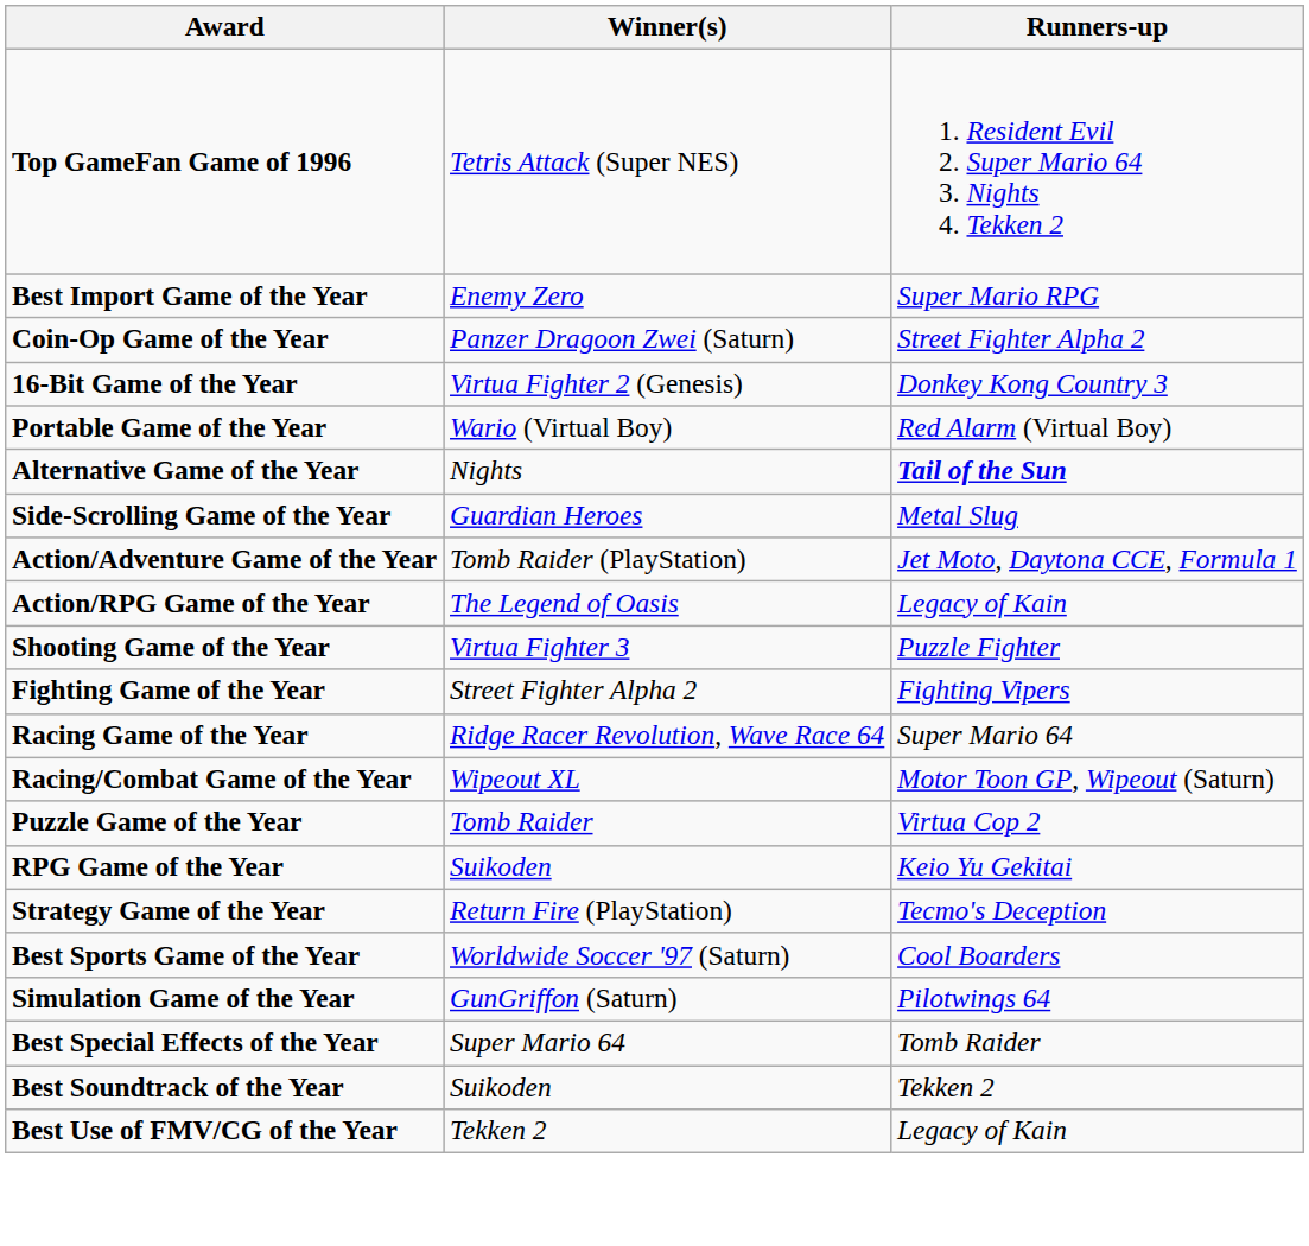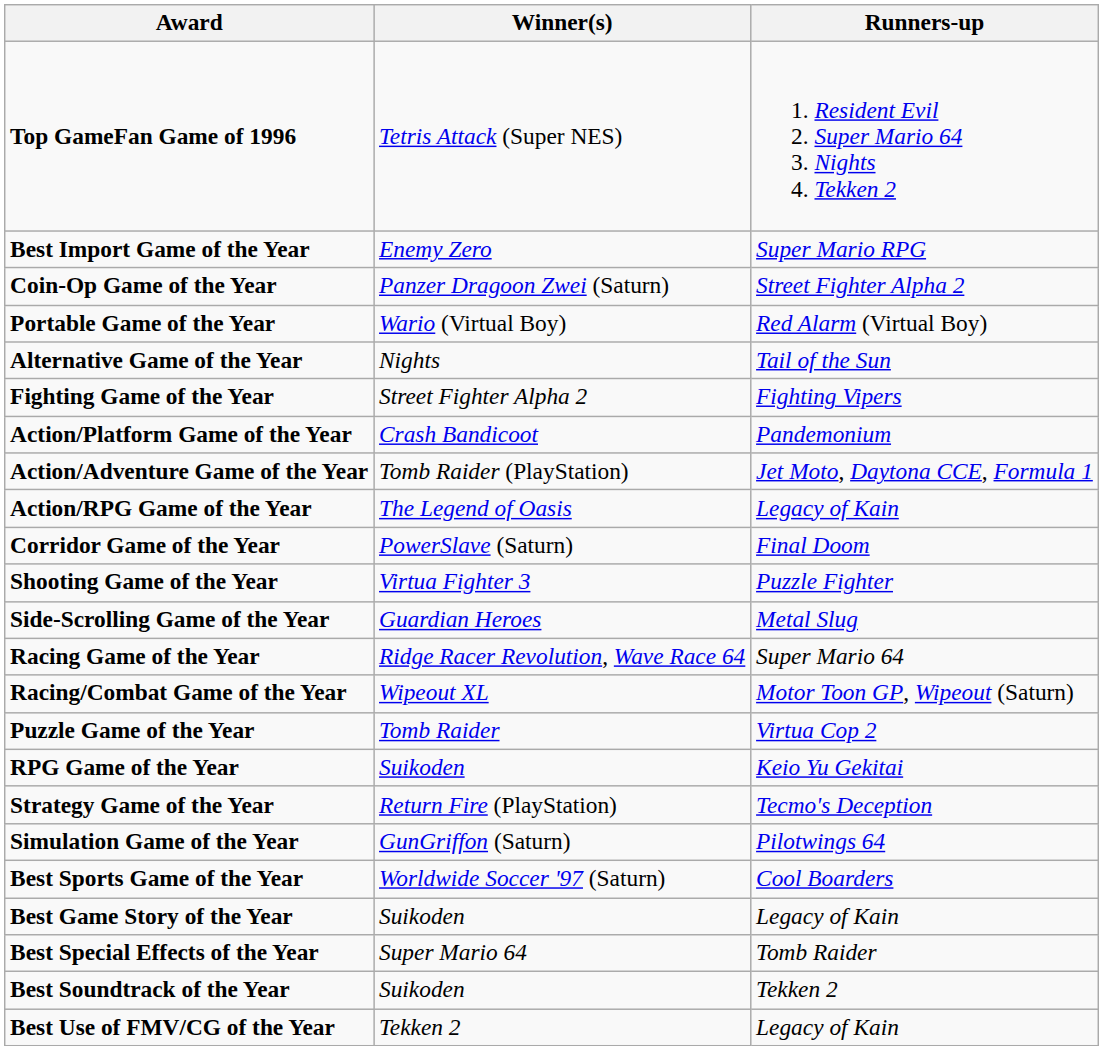 <table class="wikitable collapsible collapsed">
 <tr>
 <th>Award</th>
 <th>Winner(s)</th>
 <th>Runners-up</th>
 </tr>
 <tr>
 <td><strong>Top GameFan Game of 1996</strong></td>
 <td><em><a href='#'>Tetris Attack</a></em> (Super NES)</td>
 <td><br><ol><li><em><a href='#'>Resident Evil</a></em></li><li><em><a href='#'>Super Mario 64</a></em></li><li><em><a href='#'>Nights</a></em></li><li><em><a href='#'>Tekken 2</a></em></li></ol></td>
 </tr>
 <tr>
 <td><strong>Best Import Game of the Year</strong></td>
 <td><em><a href='#'>Enemy Zero</a></em></td>
 <td><em><a href='#'>Super Mario RPG</a></em></td>
 </tr>
 <tr>
 <td><strong>Coin-Op Game of the Year</strong></td>
 <td><em><a href='#'>Panzer Dragoon Zwei</a></em> (Saturn)</td>
 <td><em><a href='#'>Street Fighter Alpha 2</a></em></td>
 </tr>
 <tr>
-<td><strong>16-Bit Game of the Year</strong></td>
-<td><em><a href='#'>Virtua Fighter 2</a></em> (Genesis)</td>
-<td><em><a href='#'>Donkey Kong Country 3</a></em></td>
-</tr>
-<tr>
 <td><strong>Portable Game of the Year</strong></td>
 <td><em><a href='#'>Wario</a></em> (Virtual Boy)</td>
 <td><em><a href='#'>Red Alarm</a></em> (Virtual Boy)</td>
 </tr>
 <tr>
 <td><strong>Alternative Game of the Year</strong></td>
 <td><em>Nights</em></td>
-<td><strong><em><a href='#'>Tail of the Sun</a></em></strong></td>
+<td><em><a href='#'>Tail of the Sun</a></em></td>
 </tr>
 <tr>
-<td><strong>Side-Scrolling Game of the Year</strong></td>
-<td><em><a href='#'>Guardian Heroes</a></em></td>
-<td><em><a href='#'>Metal Slug</a></em></td>
+<td><strong>Fighting Game of the Year</strong></td>
+<td><em>Street Fighter Alpha 2</em></td>
+<td><em><a href='#'>Fighting Vipers</a></em></td>
+</tr>
+<tr>
+<td><strong>Action/Platform Game of the Year</strong></td>
+<td><em><a href='#'>Crash Bandicoot</a></em></td>
+<td><em><a href='#'>Pandemonium</a></em></td>
 </tr>
 <tr>
 <td><strong>Action/Adventure Game of the Year</strong></td>
 <td><em>Tomb Raider</em> (PlayStation)</td>
 <td><em><a href='#'>Jet Moto</a></em>, <em><a href='#'>Daytona CCE</a></em>, <em><a href='#'>Formula 1</a></em></td>
 </tr>
 <tr>
 <td><strong>Action/RPG Game of the Year</strong></td>
 <td><em><a href='#'>The Legend of Oasis</a></em></td>
 <td><em><a href='#'>Legacy of Kain</a></em></td>
 </tr>
 <tr>
+<td><strong>Corridor Game of the Year</strong></td>
+<td><em><a href='#'>PowerSlave</a></em> (Saturn)</td>
+<td><em><a href='#'>Final Doom</a></em></td>
+</tr>
+<tr>
 <td><strong>Shooting Game of the Year</strong></td>
 <td><em><a href='#'>Virtua Fighter 3</a></em></td>
 <td><em><a href='#'>Puzzle Fighter</a></em></td>
 </tr>
 <tr>
-<td><strong>Fighting Game of the Year</strong></td>
-<td><em>Street Fighter Alpha 2</em></td>
-<td><em><a href='#'>Fighting Vipers</a></em></td>
+<td><strong>Side-Scrolling Game of the Year</strong></td>
+<td><em><a href='#'>Guardian Heroes</a></em></td>
+<td><em><a href='#'>Metal Slug</a></em></td>
 </tr>
 <tr>
 <td><strong>Racing Game of the Year</strong></td>
 <td><em><a href='#'>Ridge Racer Revolution</a></em>,  <em><a href='#'>Wave Race 64</a></em></td>
 <td><em>Super Mario 64</em></td>
 </tr>
 <tr>
 <td><strong>Racing/Combat Game of the Year</strong></td>
 <td><em><a href='#'>Wipeout XL</a></em></td>
 <td><em><a href='#'>Motor Toon GP</a></em>, <em><a href='#'>Wipeout</a></em> (Saturn)</td>
 </tr>
 <tr>
 <td><strong>Puzzle Game of the Year</strong></td>
 <td><em><a href='#'>Tomb Raider</a></em></td>
 <td><em><a href='#'>Virtua Cop 2</a></em></td>
 </tr>
 <tr>
 <td><strong>RPG Game of the Year</strong></td>
 <td><em><a href='#'>Suikoden</a></em></td>
 <td><em><a href='#'>Keio Yu Gekitai</a></em></td>
 </tr>
 <tr>
 <td><strong>Strategy Game of the Year</strong></td>
 <td><em><a href='#'>Return Fire</a></em> (PlayStation)</td>
 <td><em><a href='#'>Tecmo's Deception</a></em></td>
 </tr>
 <tr>
+<td><strong>Simulation Game of the Year</strong></td>
+<td><em><a href='#'>GunGriffon</a></em> (Saturn)</td>
+<td><em><a href='#'>Pilotwings 64</a></em></td>
+</tr>
+<tr>
 <td><strong>Best Sports Game of the Year</strong></td>
 <td><em><a href='#'>Worldwide Soccer '97</a></em> (Saturn)</td>
 <td><em><a href='#'>Cool Boarders</a></em></td>
 </tr>
 <tr>
-<td><strong>Simulation Game of the Year</strong></td>
-<td><em><a href='#'>GunGriffon</a></em> (Saturn)</td>
-<td><em><a href='#'>Pilotwings 64</a></em></td>
+<td><strong>Best Game Story of the Year</strong></td>
+<td><em>Suikoden</em></td>
+<td><em>Legacy of Kain</em></td>
 </tr>
 <tr>
 <td><strong>Best Special Effects of the Year</strong></td>
 <td><em>Super Mario 64</em></td>
 <td><em>Tomb Raider</em></td>
 </tr>
 <tr>
 <td><strong>Best Soundtrack of the Year</strong></td>
 <td><em>Suikoden</em></td>
 <td><em>Tekken 2</em></td>
 </tr>
 <tr>
 <td><strong>Best Use of FMV/CG of the Year</strong></td>
 <td><em>Tekken 2</em></td>
 <td><em>Legacy of Kain</em></td>
 </tr>
 </table>
